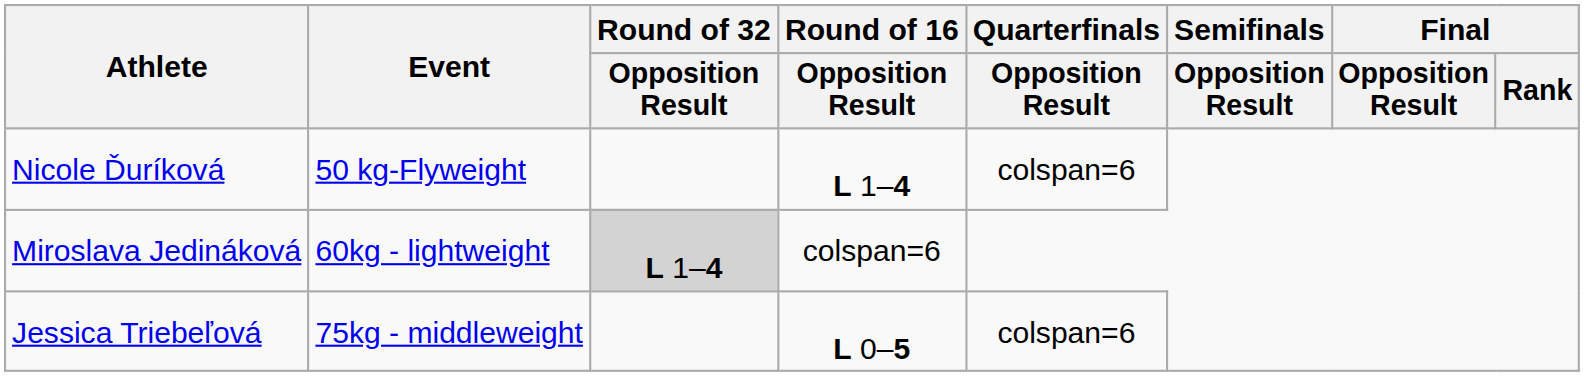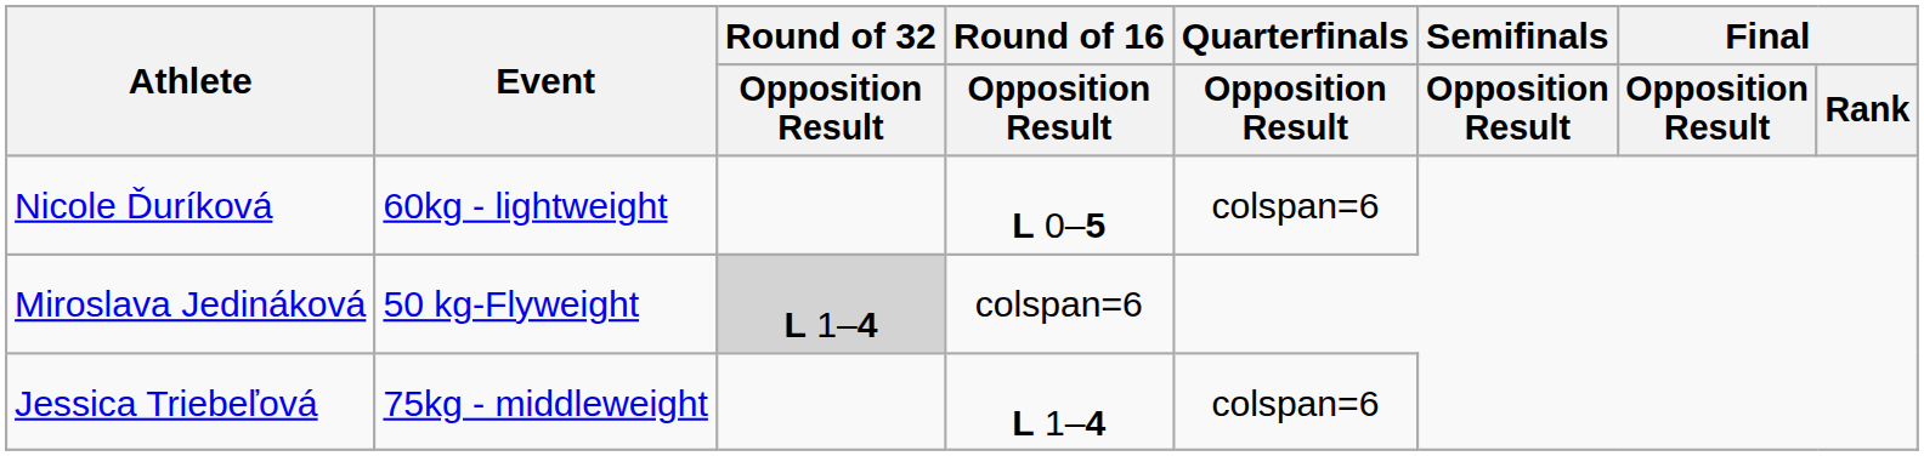 <table class="wikitable" style="font-size:90%">
 <tr>
 <th rowspan="2">Athlete</th>
 <th rowspan="2">Event</th>
 <th>Round of 32</th>
 <th>Round of 16</th>
 <th>Quarterfinals</th>
 <th>Semifinals</th>
 <th colspan=2>Final</th>
 </tr>
 <tr style="font-size:95%">
 <th>Opposition<br>Result</th>
 <th>Opposition<br>Result</th>
 <th>Opposition<br>Result</th>
 <th>Opposition<br>Result</th>
 <th>Opposition<br>Result</th>
 <th>Rank</th>
 </tr>
 <tr align=center>
 <td align=left><a href='#'>Nicole Ďuríková</a></td>
-<td align=left><a href='#'>50 kg-Flyweight</a></td>
+<td align=left><a href='#'>60kg - lightweight</a></td>
 <td></td>
-<td><br><strong>L</strong> 1–<strong>4</strong></td>
+<td><br><strong>L</strong> 0–<strong>5</strong></td>
 <td>colspan=6 </td>
 </tr>
 <tr align=center>
 <td align=left><a href='#'>Miroslava Jedináková</a></td>
-<td align=left><a href='#'>60kg - lightweight</a></td>
+<td align=left><a href='#'>50 kg-Flyweight</a></td>
 <td style="background: lightgrey;"><br><strong>L</strong> 1–<strong>4</strong></td>
 <td>colspan=6 </td>
 </tr>
 <tr align=center>
 <td align=left><a href='#'>Jessica Triebeľová</a></td>
 <td align=left><a href='#'>75kg - middleweight</a></td>
 <td></td>
-<td><br><strong>L</strong> 0–<strong>5</strong></td>
+<td><br><strong>L</strong> 1–<strong>4</strong></td>
 <td>colspan=6 </td>
 </tr>
 </table>
